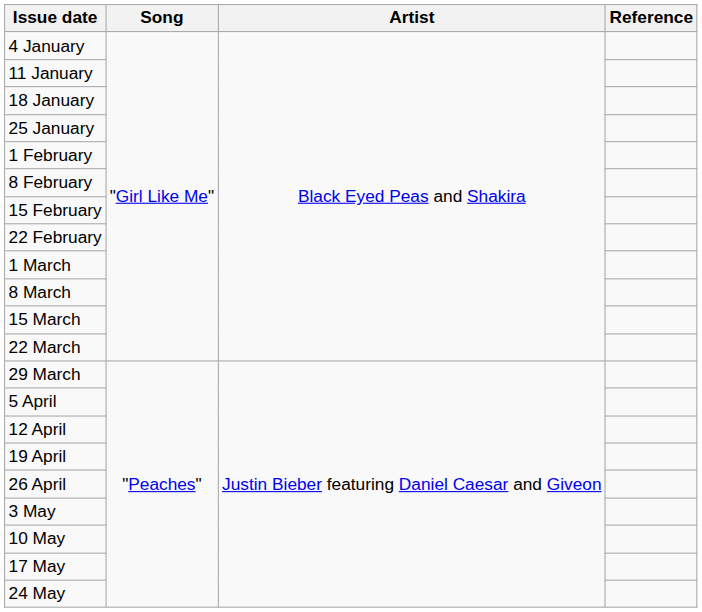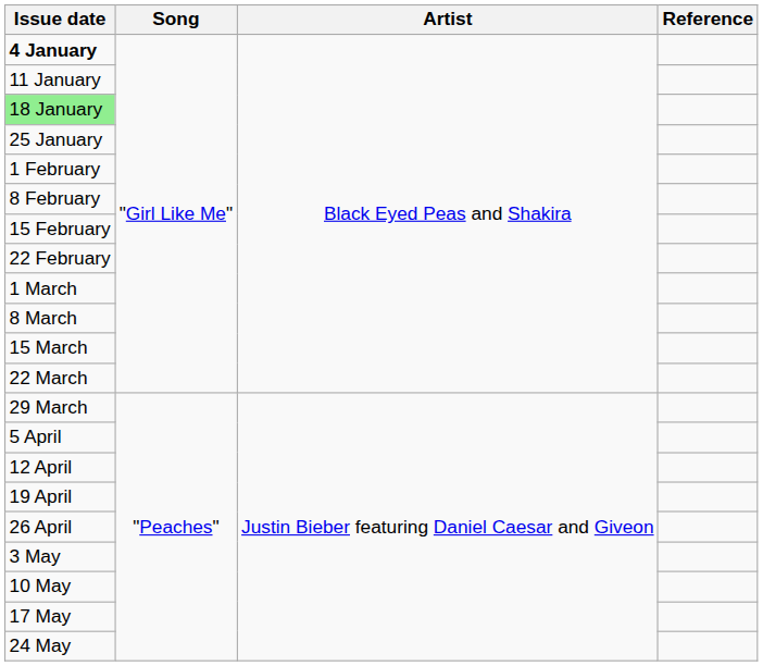 <table class="wikitable">
 <tr>
 <th>Issue date</th>
 <th>Song</th>
 <th>Artist</th>
 <th>Reference</th>
 </tr>
 <tr>
-<td>4 January</td>
+<td><strong>4 January</strong></td>
 <td align="center" rowspan="12">"<a href='#'>Girl Like Me</a>"</td>
 <td align="center" rowspan="12"><a href='#'>Black Eyed Peas</a> and <a href='#'>Shakira</a></td>
 <td align="center"></td>
 </tr>
 <tr>
 <td>11 January</td>
 <td align="center"></td>
 </tr>
 <tr>
-<td>18 January</td>
+<td style="background: lightgreen;">18 January</td>
 <td align="center"></td>
 </tr>
 <tr>
 <td>25 January</td>
 <td align="center"></td>
 </tr>
 <tr>
 <td>1 February</td>
 <td align="center"></td>
 </tr>
 <tr>
 <td>8 February</td>
 <td align="center"></td>
 </tr>
 <tr>
 <td>15 February</td>
 <td align="center"></td>
 </tr>
 <tr>
 <td>22 February</td>
 <td align="center"></td>
 </tr>
 <tr>
 <td>1 March</td>
 <td align="center"></td>
 </tr>
 <tr>
 <td>8 March</td>
 <td align="center"></td>
 </tr>
 <tr>
 <td>15 March</td>
 <td align="center"></td>
 </tr>
 <tr>
 <td>22 March</td>
 <td align="center"></td>
 </tr>
 <tr>
 <td>29 March</td>
 <td align="center" rowspan="9">"<a href='#'>Peaches</a>"</td>
 <td align="center" rowspan="9"><a href='#'>Justin Bieber</a> featuring <a href='#'>Daniel Caesar</a> and <a href='#'>Giveon</a></td>
 <td align="center"></td>
 </tr>
 <tr>
 <td>5 April</td>
 <td align="center"></td>
 </tr>
 <tr>
 <td>12 April</td>
 <td align="center"></td>
 </tr>
 <tr>
 <td>19 April</td>
 <td align="center"></td>
 </tr>
 <tr>
 <td>26 April</td>
 <td align="center"></td>
 </tr>
 <tr>
 <td>3 May</td>
 <td align="center"></td>
 </tr>
 <tr>
 <td>10 May</td>
 <td align="center"></td>
 </tr>
 <tr>
 <td>17 May</td>
 <td align="center"></td>
 </tr>
 <tr>
 <td>24 May</td>
 <td align="center"></td>
 </tr>
 </table>
